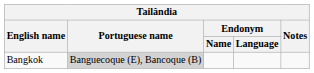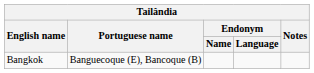 <table class="wikitable sortable">
 <tr>
 <th colspan="5"> Tailândia</th>
 </tr>
 <tr>
 <th rowspan="2">English name</th>
 <th rowspan="2">Portuguese name</th>
 <th colspan="2">Endonym</th>
 <th rowspan="2">Notes</th>
 </tr>
 <tr>
 <th>Name</th>
 <th>Language</th>
 </tr>
 <tr>
 <td>Bangkok</td>
-<td style="background: lightgrey;">Banguecoque (E), Bancoque (B)</td>
+<td>Banguecoque (E), Bancoque (B)</td>
 <td></td>
 <td></td>
 <td></td>
 </tr>
 </table>
